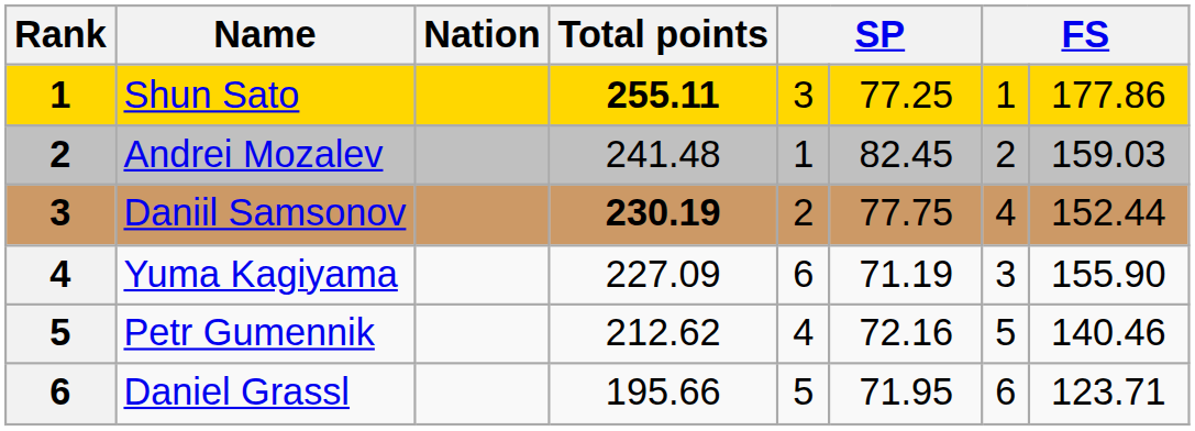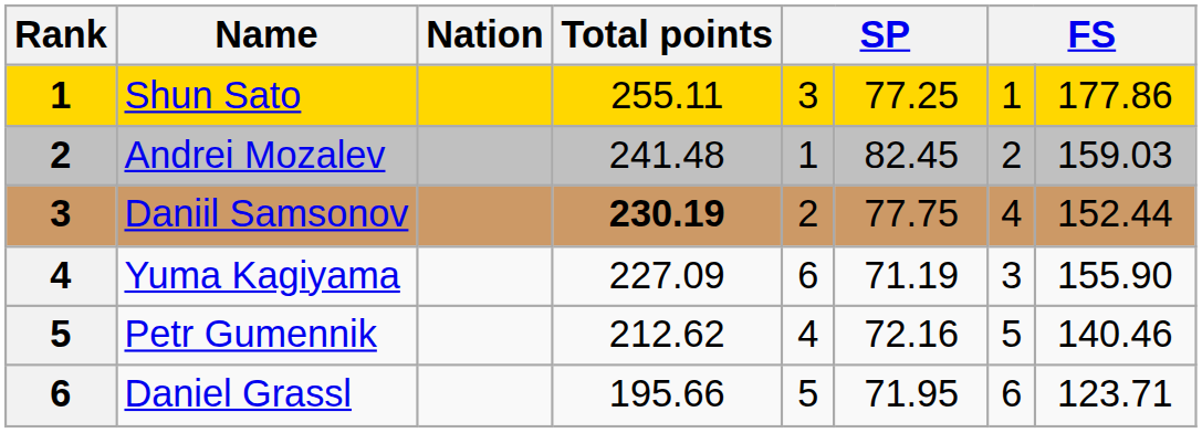 <table class="wikitable sortable">
 <tr>
 <th>Rank</th>
 <th>Name</th>
 <th>Nation</th>
 <th>Total points</th>
 <th width="80" colspan="2"><a href='#'>SP</a></th>
 <th width="80" colspan="2"><a href='#'>FS</a></th>
 </tr>
 <tr bgcolor="gold">
 <td align="center"><strong>1</strong></td>
 <td><a href='#'>Shun Sato</a></td>
 <td></td>
-<td align="center"><strong>255.11</strong></td>
+<td align="center">255.11</td>
 <td align="center">3</td>
 <td align="center">77.25</td>
 <td align="center">1</td>
 <td align="center">177.86</td>
 </tr>
 <tr bgcolor="silver">
 <td align="center"><strong>2</strong></td>
 <td><a href='#'>Andrei Mozalev</a></td>
 <td></td>
 <td align="center">241.48</td>
 <td align="center">1</td>
 <td align="center">82.45</td>
 <td align="center">2</td>
 <td align="center">159.03</td>
 </tr>
 <tr bgcolor="#cc9966">
 <td align="center"><strong>3</strong></td>
 <td><a href='#'>Daniil Samsonov</a></td>
 <td></td>
 <td align="center"><strong>230.19</strong></td>
 <td align="center">2</td>
 <td align="center">77.75</td>
 <td align="center">4</td>
 <td align="center">152.44</td>
 </tr>
 <tr>
 <th>4</th>
 <td><a href='#'>Yuma Kagiyama</a></td>
 <td></td>
 <td align="center">227.09</td>
 <td align="center">6</td>
 <td align="center">71.19</td>
 <td align="center">3</td>
 <td align="center">155.90</td>
 </tr>
 <tr>
 <th>5</th>
 <td><a href='#'>Petr Gumennik</a></td>
 <td></td>
 <td align="center">212.62</td>
 <td align="center">4</td>
 <td align="center">72.16</td>
 <td align="center">5</td>
 <td align="center">140.46</td>
 </tr>
 <tr>
 <th>6</th>
 <td><a href='#'>Daniel Grassl</a></td>
 <td></td>
 <td align="center">195.66</td>
 <td align="center">5</td>
 <td align="center">71.95</td>
 <td align="center">6</td>
 <td align="center">123.71</td>
 </tr>
 </table>
